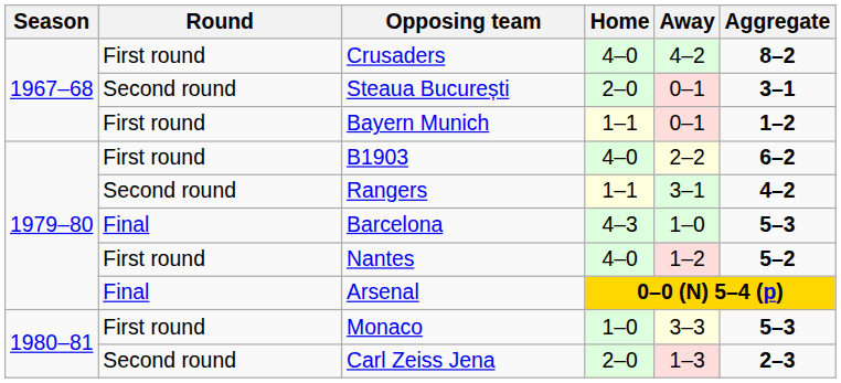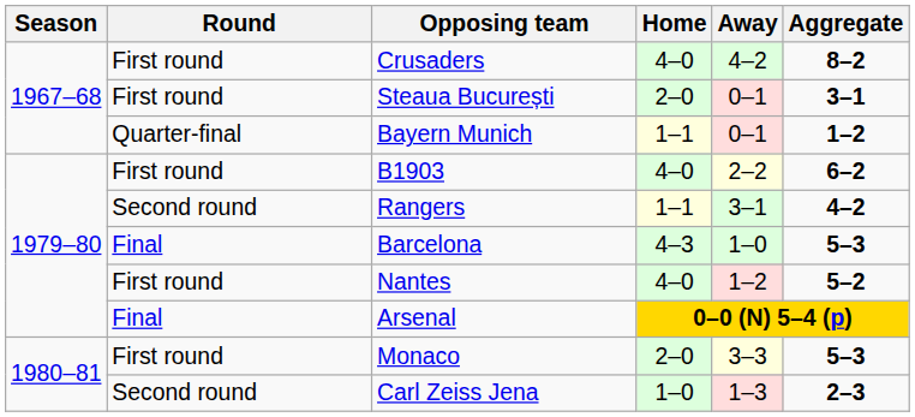 <table class="wikitable">
 <tr>
 <th>Season</th>
 <th width=175>Round</th>
 <th width=175>Opposing team</th>
 <th>Home</th>
 <th>Away</th>
 <th>Aggregate</th>
 </tr>
 <tr>
 <td rowspan="3"><a href='#'>1967–68</a></td>
 <td>First round</td>
 <td> <a href='#'>Crusaders</a></td>
 <td style="text-align:center; background:#dfd;">4–0</td>
 <td style="text-align:center; background:#dfd;">4–2</td>
 <td style="text-align:center;"><strong>8–2</strong></td>
 </tr>
 <tr>
-<td>Second round</td>
+<td>First round</td>
 <td> <a href='#'>Steaua București</a></td>
 <td style="text-align:center; background:#dfd;">2–0</td>
 <td style="text-align:center; background:#fdd;">0–1</td>
 <td style="text-align:center;"><strong>3–1</strong></td>
 </tr>
 <tr>
-<td>First round</td>
+<td>Quarter-final</td>
 <td> <a href='#'>Bayern Munich</a></td>
 <td style="text-align:center; background:#ffd;">1–1</td>
 <td style="text-align:center; background:#fdd;">0–1</td>
 <td style="text-align:center;"><strong>1–2</strong></td>
 </tr>
 <tr>
 <td rowspan="5"><a href='#'>1979–80</a></td>
 <td>First round</td>
 <td> <a href='#'>B1903</a></td>
 <td style="text-align:center; background:#dfd;">4–0</td>
 <td style="text-align:center; background:#ffd;">2–2</td>
 <td style="text-align:center;"><strong>6–2</strong></td>
 </tr>
 <tr>
 <td>Second round</td>
 <td> <a href='#'>Rangers</a></td>
 <td style="text-align:center; background:#ffd;">1–1</td>
 <td style="text-align:center; background:#dfd;">3–1</td>
 <td style="text-align:center;"><strong>4–2</strong></td>
 </tr>
 <tr>
 <td><a href='#'>Final</a></td>
 <td> <a href='#'>Barcelona</a></td>
 <td style="text-align:center; background:#dfd;">4–3</td>
 <td style="text-align:center; background:#dfd;">1–0</td>
 <td style="text-align:center;"><strong>5–3</strong></td>
 </tr>
 <tr>
 <td>First round</td>
 <td> <a href='#'>Nantes</a></td>
 <td style="text-align:center; background:#dfd;">4–0</td>
 <td style="text-align:center; background:#fdd;">1–2</td>
 <td style="text-align:center;"><strong>5–2</strong></td>
 </tr>
 <tr>
 <td><a href='#'>Final</a></td>
 <td> <a href='#'>Arsenal</a></td>
 <td bgcolor="gold" colspan="3" style="text-align:center;"><strong>0–0 (N) 5–4 (<a href='#'>p</a>)</strong></td>
 </tr>
 <tr>
 <td rowspan="2"><a href='#'>1980–81</a></td>
 <td>First round</td>
 <td> <a href='#'>Monaco</a></td>
-<td style="text-align:center; background:#dfd;">1–0</td>
+<td style="text-align:center; background:#dfd;">2–0</td>
 <td style="text-align:center; background:#ffd;">3–3</td>
 <td style="text-align:center;"><strong>5–3</strong></td>
 </tr>
 <tr>
 <td>Second round</td>
 <td> <a href='#'>Carl Zeiss Jena</a></td>
-<td style="text-align:center; background:#dfd;">2–0</td>
+<td style="text-align:center; background:#dfd;">1–0</td>
 <td style="text-align:center; background:#fdd;">1–3</td>
 <td style="text-align:center;"><strong>2–3</strong></td>
 </tr>
 </table>
